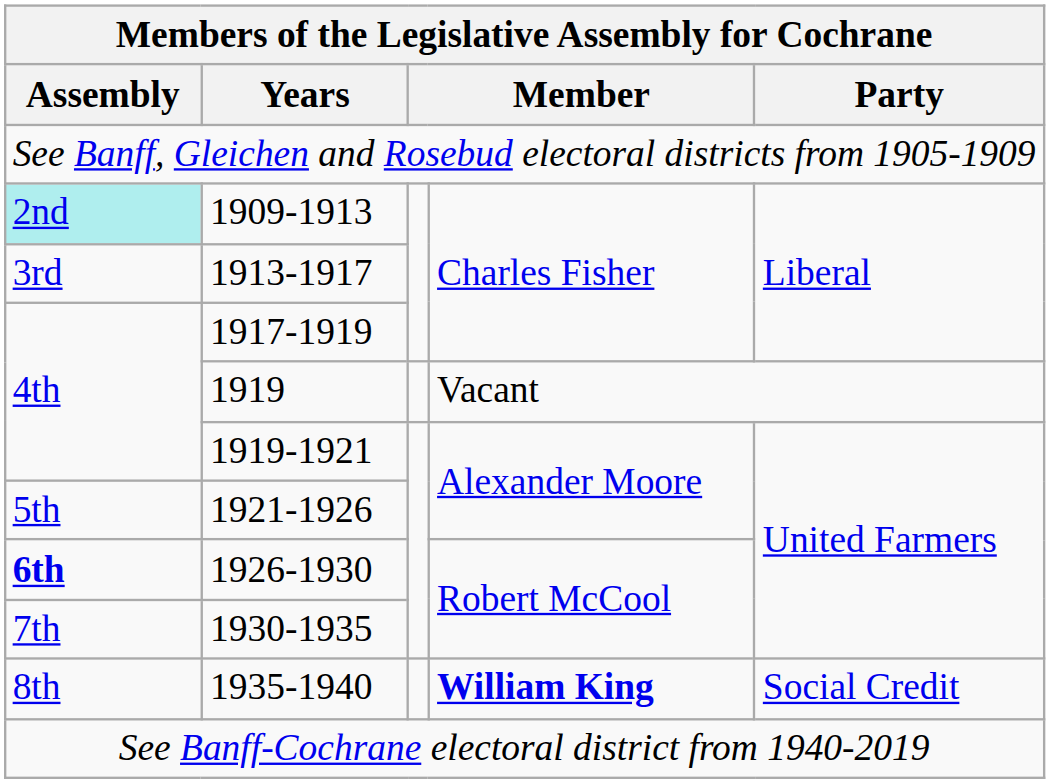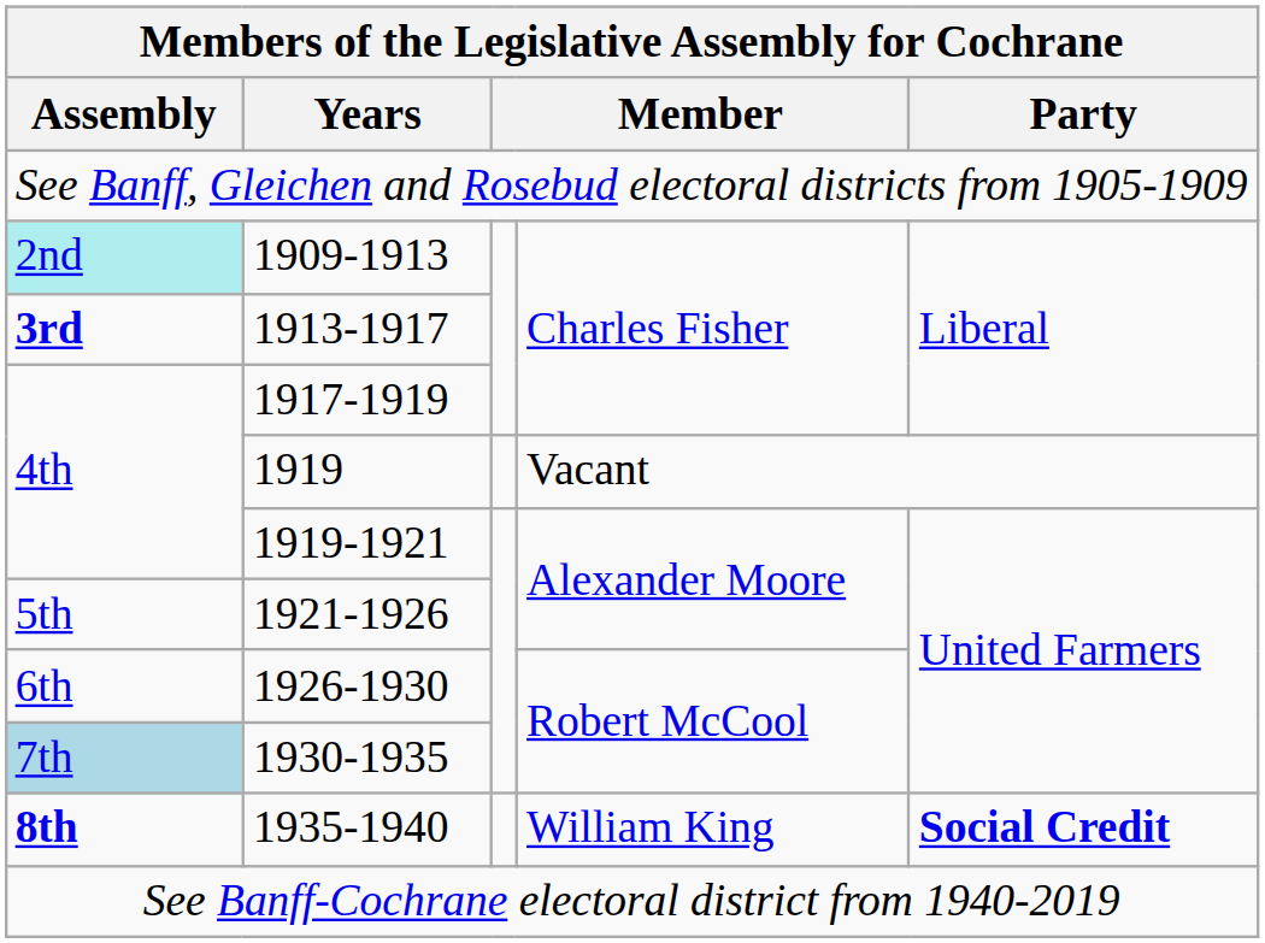 <table class="wikitable" align=right>
 <tr>
 <th colspan=5>Members of the Legislative Assembly for Cochrane</th>
 </tr>
 <tr>
 <th>Assembly</th>
 <th>Years</th>
 <th colspan="2">Member</th>
 <th>Party</th>
 </tr>
 <tr>
 <td align="center" colspan=5><em>See <a href='#'>Banff</a>, <a href='#'>Gleichen</a> and <a href='#'>Rosebud</a> electoral districts from 1905-1909</em></td>
 </tr>
 <tr>
 <td style="background: paleturquoise;"><a href='#'>2nd</a></td>
 <td>1909-1913</td>
 <td rowspan=3 ></td>
 <td rowspan=3><a href='#'>Charles Fisher</a></td>
 <td rowspan=3><a href='#'>Liberal</a></td>
 </tr>
 <tr>
-<td><a href='#'>3rd</a></td>
+<td><strong><a href='#'>3rd</a></strong></td>
 <td>1913-1917</td>
 </tr>
 <tr>
 <td rowspan=3><a href='#'>4th</a></td>
 <td>1917-1919</td>
 </tr>
 <tr>
 <td>1919</td>
 <td></td>
 <td colspan=2>Vacant</td>
 </tr>
 <tr>
 <td>1919-1921</td>
 <td rowspan=4 ></td>
 <td rowspan=2><a href='#'>Alexander Moore</a></td>
 <td rowspan=4><a href='#'>United Farmers</a></td>
 </tr>
 <tr>
 <td><a href='#'>5th</a></td>
 <td>1921-1926</td>
 </tr>
 <tr>
-<td><strong><a href='#'>6th</a></strong></td>
+<td><a href='#'>6th</a></td>
 <td>1926-1930</td>
 <td rowspan=2><a href='#'>Robert McCool</a></td>
 </tr>
 <tr>
-<td><a href='#'>7th</a></td>
+<td style="background: lightblue;"><a href='#'>7th</a></td>
 <td>1930-1935</td>
 </tr>
 <tr>
-<td><a href='#'>8th</a></td>
+<td><strong><a href='#'>8th</a></strong></td>
 <td>1935-1940</td>
 <td></td>
-<td><strong><a href='#'>William King</a></strong></td>
-<td><a href='#'>Social Credit</a></td>
+<td><a href='#'>William King</a></td>
+<td><strong><a href='#'>Social Credit</a></strong></td>
 </tr>
 <tr>
 <td align="center" colspan=5><em>See <a href='#'>Banff-Cochrane</a> electoral district from 1940-2019</em></td>
 </tr>
 </table>
